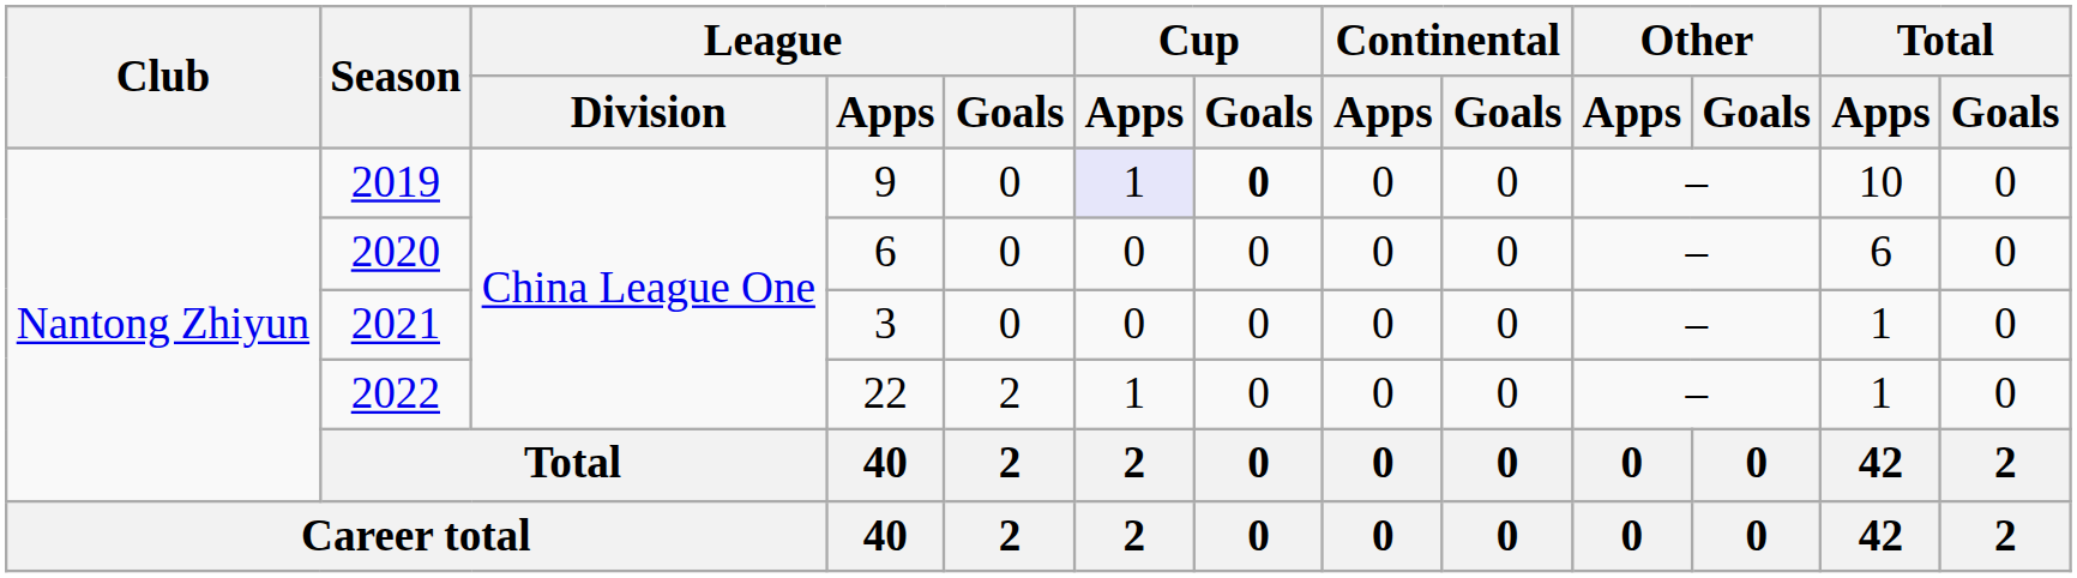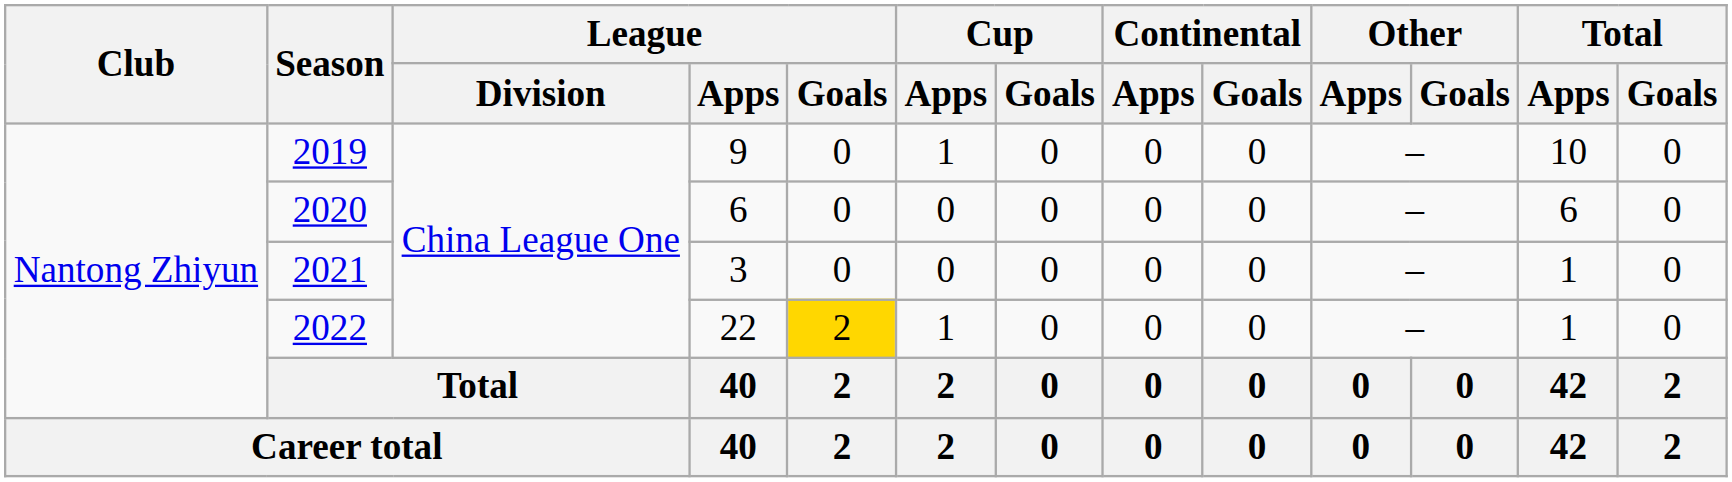 <table class="wikitable" style="text-align: center">
 <tr>
 <th rowspan="2">Club</th>
 <th rowspan="2">Season</th>
 <th colspan="3">League</th>
 <th colspan="2">Cup</th>
 <th colspan="2">Continental</th>
 <th colspan="2">Other</th>
 <th colspan="2">Total</th>
 </tr>
 <tr>
 <th>Division</th>
 <th>Apps</th>
 <th>Goals</th>
 <th>Apps</th>
 <th>Goals</th>
 <th>Apps</th>
 <th>Goals</th>
 <th>Apps</th>
 <th>Goals</th>
 <th>Apps</th>
 <th>Goals</th>
 </tr>
 <tr>
 <td rowspan="5"><a href='#'>Nantong Zhiyun</a></td>
 <td><a href='#'>2019</a></td>
 <td rowspan="4"><a href='#'>China League One</a></td>
 <td>9</td>
 <td>0</td>
-<td style="background: lavender;">1</td>
-<td><strong>0</strong></td>
+<td>1</td>
+<td>0</td>
 <td>0</td>
 <td>0</td>
 <td colspan="2">–</td>
 <td>10</td>
 <td>0</td>
 </tr>
 <tr>
 <td><a href='#'>2020</a></td>
 <td>6</td>
 <td>0</td>
 <td>0</td>
 <td>0</td>
 <td>0</td>
 <td>0</td>
 <td colspan="2">–</td>
 <td>6</td>
 <td>0</td>
 </tr>
 <tr>
 <td><a href='#'>2021</a></td>
 <td>3</td>
 <td>0</td>
 <td>0</td>
 <td>0</td>
 <td>0</td>
 <td>0</td>
 <td colspan="2">–</td>
 <td>1</td>
 <td>0</td>
 </tr>
 <tr>
 <td><a href='#'>2022</a></td>
 <td>22</td>
-<td>2</td>
+<td style="background: gold;">2</td>
 <td>1</td>
 <td>0</td>
 <td>0</td>
 <td>0</td>
 <td colspan="2">–</td>
 <td>1</td>
 <td>0</td>
 </tr>
 <tr>
 <th colspan=2>Total</th>
 <th>40</th>
 <th>2</th>
 <th>2</th>
 <th>0</th>
 <th>0</th>
 <th>0</th>
 <th>0</th>
 <th>0</th>
 <th>42</th>
 <th>2</th>
 </tr>
 <tr>
 <th colspan=3>Career total</th>
 <th>40</th>
 <th>2</th>
 <th>2</th>
 <th>0</th>
 <th>0</th>
 <th>0</th>
 <th>0</th>
 <th>0</th>
 <th>42</th>
 <th>2</th>
 </tr>
 </table>
